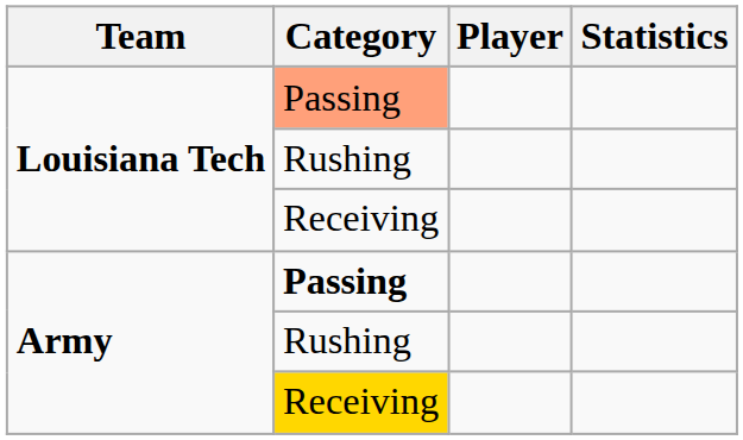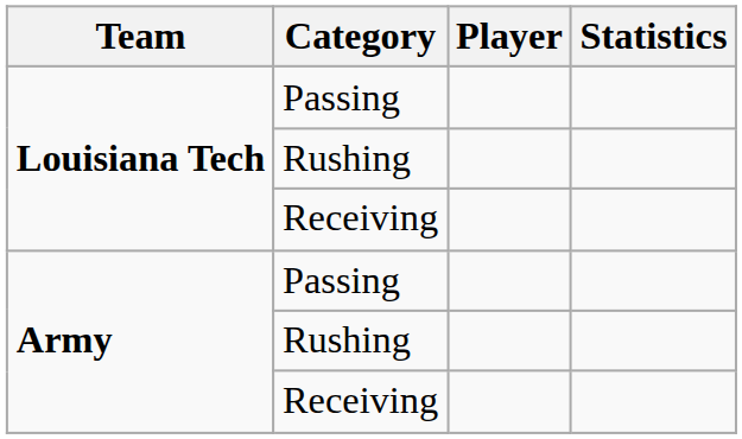 <table class="wikitable" style="float: right;">
 <tr>
 <th>Team</th>
 <th>Category</th>
 <th>Player</th>
 <th>Statistics</th>
 </tr>
 <tr>
 <td rowspan=3><strong>Louisiana Tech</strong></td>
-<td style="background: lightsalmon;">Passing</td>
+<td>Passing</td>
 <td></td>
 <td></td>
 </tr>
 <tr>
 <td>Rushing</td>
 <td></td>
 <td></td>
 </tr>
 <tr>
 <td>Receiving</td>
 <td></td>
 <td></td>
 </tr>
 <tr>
 <td rowspan=3><strong>Army</strong></td>
-<td><strong>Passing</strong></td>
+<td>Passing</td>
 <td></td>
 <td></td>
 </tr>
 <tr>
 <td>Rushing</td>
 <td></td>
 <td></td>
 </tr>
 <tr>
-<td style="background: gold;">Receiving</td>
+<td>Receiving</td>
 <td></td>
 <td></td>
 </tr>
 </table>
